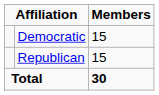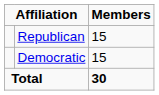 <table class="wikitable">
 <tr>
 <td colspan="2" rowspan="1" align="center" valign="top"><strong>Affiliation</strong></td>
 <td style="vertical-align:top;"><strong>Members</strong></td>
 </tr>
 <tr>
 <td style="background-color:"> </td>
-<td><a href='#'>Democratic</a></td>
+<td><a href='#'>Republican</a></td>
 <td>15</td>
 </tr>
 <tr>
 <td style="background-color:"> </td>
-<td><a href='#'>Republican</a></td>
+<td><a href='#'>Democratic</a></td>
 <td>15</td>
 </tr>
 <tr>
 <td colspan="2" rowspan="1"> <strong>Total</strong></td>
 <td><strong>30</strong></td>
 </tr>
 </table>
